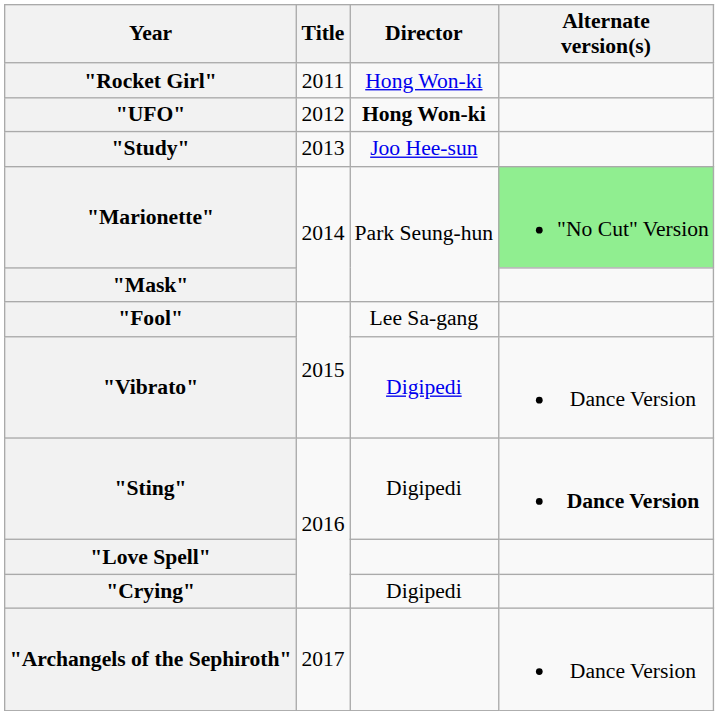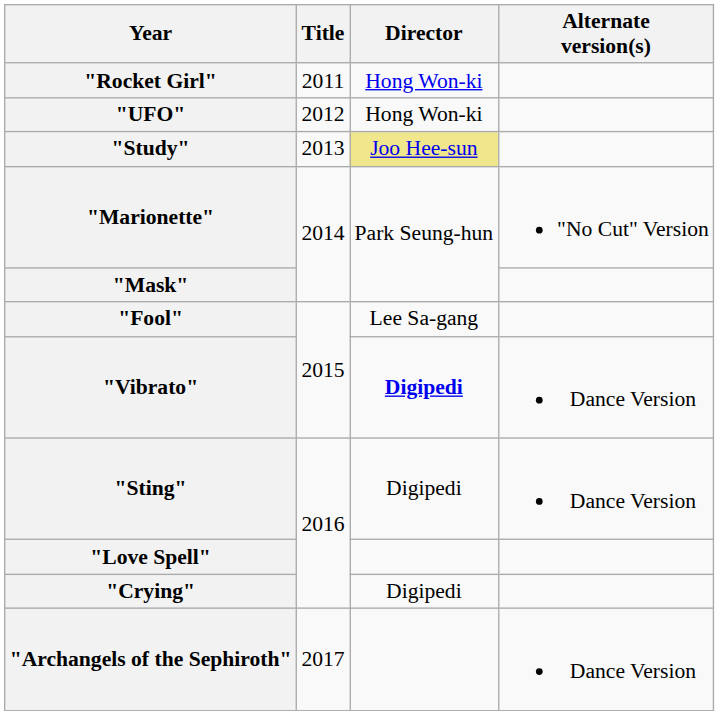 <table class="wikitable plainrowheaders" style="text-align:center;">
 <tr>
 <th scope="col">Year</th>
 <th scope="col">Title</th>
 <th scope="col">Director</th>
 <th scope="col">Alternate<br>version(s)</th>
 </tr>
 <tr>
 <th scope="row">"Rocket Girl"</th>
 <td>2011</td>
 <td><a href='#'>Hong Won-ki</a></td>
 <td></td>
 </tr>
 <tr>
 <th scope="row">"UFO"</th>
 <td>2012</td>
-<td><strong>Hong Won-ki</strong></td>
+<td>Hong Won-ki</td>
 <td></td>
 </tr>
 <tr>
 <th scope="row">"Study"</th>
 <td>2013</td>
-<td><a href='#'>Joo Hee-sun</a></td>
+<td style="background: khaki;"><a href='#'>Joo Hee-sun</a></td>
 <td></td>
 </tr>
 <tr>
 <th scope="row">"Marionette"</th>
 <td rowspan="2">2014</td>
 <td rowspan="2">Park Seung-hun</td>
-<td style="background: lightgreen;"><br><ul><li>"No Cut" Version</li></ul></td>
+<td><br><ul><li>"No Cut" Version</li></ul></td>
 </tr>
 <tr>
 <th scope="row">"Mask"</th>
 <td></td>
 </tr>
 <tr>
 <th scope="row">"Fool"</th>
 <td rowspan="2">2015</td>
 <td>Lee Sa-gang</td>
 <td></td>
 </tr>
 <tr>
 <th scope="row">"Vibrato"</th>
-<td><a href='#'>Digipedi</a></td>
+<td><strong><a href='#'>Digipedi</a></strong></td>
 <td><br><ul><li>Dance Version</li></ul></td>
 </tr>
 <tr>
 <th scope="row">"Sting"</th>
 <td rowspan="3">2016</td>
 <td>Digipedi</td>
-<td><strong><br><ul><li>Dance Version</li></ul></strong></td>
+<td><br><ul><li>Dance Version</li></ul></td>
 </tr>
 <tr>
 <th scope="row">"Love Spell"</th>
 <td></td>
 <td></td>
 </tr>
 <tr>
 <th scope="row">"Crying"</th>
 <td>Digipedi</td>
 <td></td>
 </tr>
 <tr>
 <th scope="row">"Archangels of the Sephiroth"</th>
 <td>2017</td>
 <td></td>
 <td><br><ul><li>Dance Version</li></ul></td>
 </tr>
 </table>
